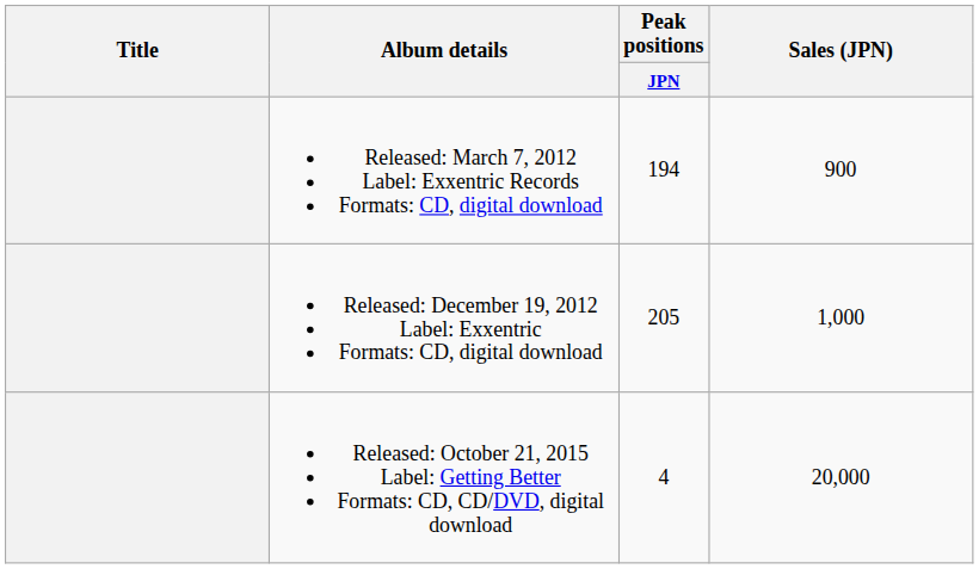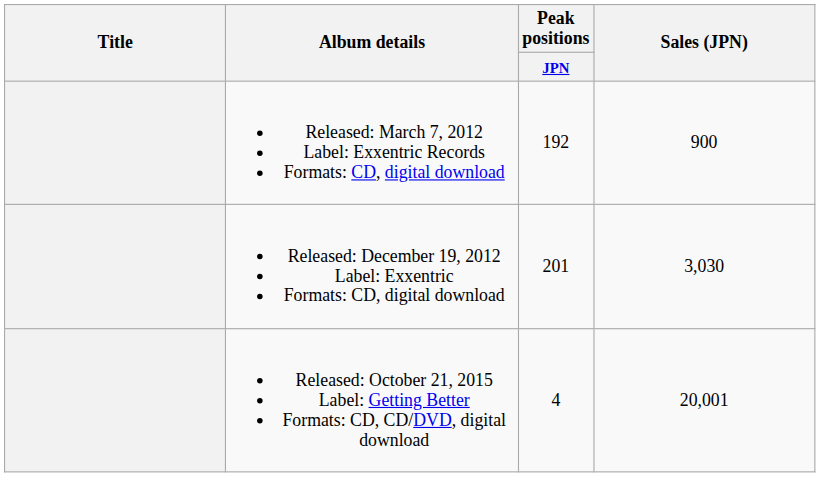 <table class="wikitable plainrowheaders" style="text-align:center;">
 <tr>
 <th style="width:12em;" rowspan="2">Title</th>
 <th style="width:16em;" rowspan="2">Album details</th>
 <th colspan="1">Peak positions</th>
 <th style="width:12em;" rowspan="2">Sales (JPN)</th>
 </tr>
 <tr>
 <th style="width:2.5em;"><small><a href='#'>JPN</a></small><br></th>
 </tr>
 <tr>
 <th scope="row"></th>
 <td><br><ul><li>Released: March 7, 2012 </li><li>Label: Exxentric Records</li><li>Formats: <a href='#'>CD</a>, <a href='#'>digital download</a></li></ul></td>
-<td>194</td>
+<td>192</td>
 <td>900</td>
 </tr>
 <tr>
 <th scope="row"></th>
 <td><br><ul><li>Released: December 19, 2012 </li><li>Label: Exxentric</li><li>Formats: CD, digital download</li></ul></td>
-<td>205</td>
-<td>1,000</td>
+<td>201</td>
+<td>3,030</td>
 </tr>
 <tr>
 <th scope="row"></th>
 <td><br><ul><li>Released: October 21, 2015 </li><li>Label: <a href='#'>Getting Better</a></li><li>Formats: CD, CD/<a href='#'>DVD</a>, digital download</li></ul></td>
 <td>4</td>
-<td>20,000</td>
+<td>20,001</td>
 </tr>
 </table>
